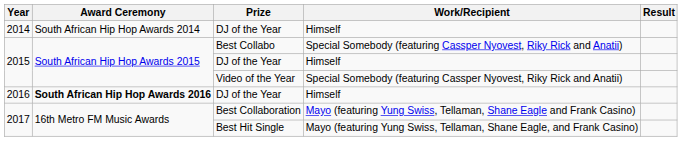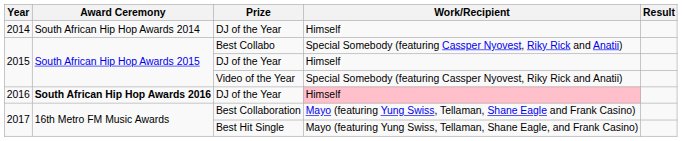 <table class="wikitable">
 <tr>
 <th>Year</th>
 <th>Award Ceremony</th>
 <th>Prize</th>
 <th>Work/Recipient</th>
 <th>Result</th>
 </tr>
 <tr>
 <td><div>2014</div></td>
 <td>South African Hip Hop Awards 2014</td>
 <td>DJ of the Year</td>
 <td>Himself</td>
 <td></td>
 </tr>
 <tr>
 <td rowspan="3"><div>2015</div></td>
 <td rowspan="3"><a href='#'>South African Hip Hop Awards 2015</a></td>
 <td>Best Collabo</td>
 <td>Special Somebody (featuring <a href='#'>Cassper Nyovest</a>, <a href='#'>Riky Rick</a> and <a href='#'>Anatii</a>)</td>
 <td></td>
 </tr>
 <tr>
 <td>DJ of the Year</td>
 <td>Himself</td>
 <td></td>
 </tr>
 <tr>
 <td>Video of the Year</td>
 <td>Special Somebody (featuring Cassper Nyovest, Riky Rick and Anatii)</td>
 <td></td>
 </tr>
 <tr>
 <td><div>2016</div></td>
 <td><strong>South African Hip Hop Awards 2016</strong></td>
 <td>DJ of the Year</td>
-<td>Himself</td>
+<td style="background: pink;">Himself</td>
 <td></td>
 </tr>
 <tr>
 <td rowspan="2"><div>2017</div></td>
 <td rowspan="2">16th Metro FM Music Awards</td>
 <td>Best Collaboration</td>
 <td><a href='#'>Mayo</a> (featuring <a href='#'>Yung Swiss</a>, Tellaman, <a href='#'>Shane Eagle</a> and Frank Casino)</td>
 <td></td>
 </tr>
 <tr>
 <td>Best Hit Single</td>
 <td>Mayo (featuring Yung Swiss, Tellaman, Shane Eagle, and Frank Casino)</td>
 <td></td>
 </tr>
 </table>
